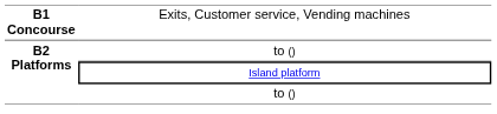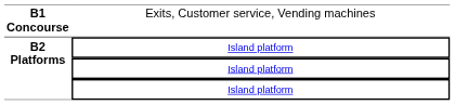 <table table border=0 cellspacing=0 cellpadding=3>
 <tr>
 <td style="border-bottom:solid 1px gray;border-top:solid 1px gray;text-align:center" valign=top width=50><strong>B1<br>Concourse</strong></td>
 <td style="border-bottom:solid 1px gray; border-top:solid 1px gray;text-align:center" valign=top width=500>Exits, Customer service, Vending machines</td>
 </tr>
 <tr>
 <td style="border-bottom:solid 1px gray; border-top:solid 1px gray;text-align:center" rowspan="3" valign=top><strong>B2<br>Platforms</strong></td>
-<td style="border-bottom:solid 1px gray;border-top:solid 1px gray;text-align:center;">  to  <small>()</small></td>
+<td style="border-right:solid 2px black;border-left:solid 2px black;border-top:solid 2px black;border-bottom:solid 2px black;text-align:center;"><small><a href='#'>Island platform</a></small></td>
 </tr>
 <tr>
 <td style="border-right:solid 2px black;border-left:solid 2px black;border-top:solid 2px black;border-bottom:solid 2px black;text-align:center;"><small><a href='#'>Island platform</a></small></td>
 </tr>
 <tr>
-<td style="border-bottom:solid 1px gray;text-align:center;"> to  <small>()</small> </td>
+<td style="border-right:solid 2px black;border-left:solid 2px black;border-top:solid 2px black;border-bottom:solid 2px black;text-align:center;"><small><a href='#'>Island platform</a></small></td>
 </tr>
 </table>
